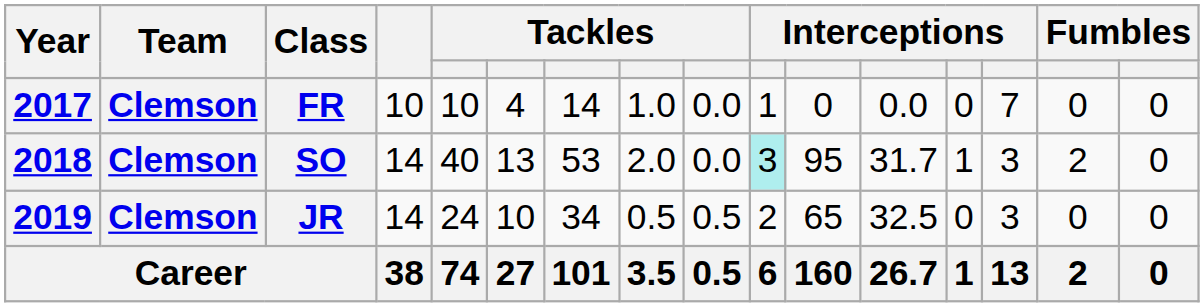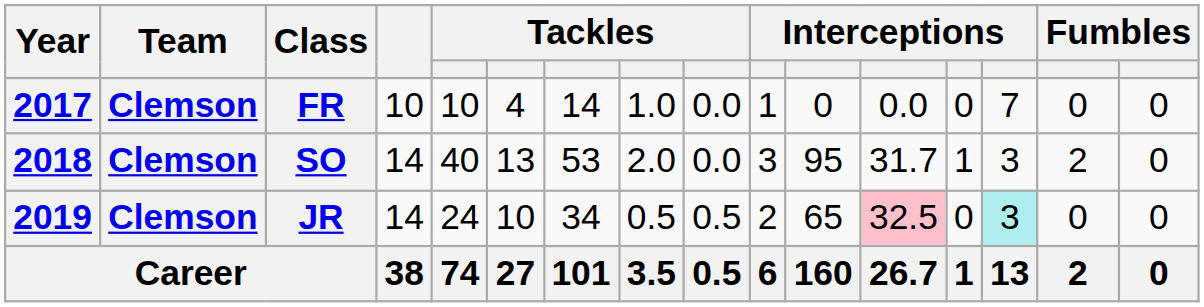 <table class="wikitable sortable" style="text-align:center;">
 <tr>
 <th rowspan="2">Year</th>
 <th rowspan="2">Team</th>
 <th rowspan="2">Class</th>
 <th rowspan="2"></th>
 <th colspan="5">Tackles</th>
 <th colspan="5">Interceptions</th>
 <th colspan="2">Fumbles</th>
 </tr>
 <tr>
 <th></th>
 <th></th>
 <th></th>
 <th></th>
 <th></th>
 <th></th>
 <th></th>
 <th></th>
 <th></th>
 <th></th>
 <th></th>
 <th></th>
 </tr>
 <tr>
 <th><a href='#'>2017</a></th>
 <th><a href='#'>Clemson</a></th>
 <th><a href='#'>FR</a></th>
 <td>10</td>
 <td>10</td>
 <td>4</td>
 <td>14</td>
 <td>1.0</td>
 <td>0.0</td>
 <td>1</td>
 <td>0</td>
 <td>0.0</td>
 <td>0</td>
 <td>7</td>
 <td>0</td>
 <td>0</td>
 </tr>
 <tr>
 <th><a href='#'>2018</a></th>
 <th><a href='#'>Clemson</a></th>
 <th><a href='#'>SO</a></th>
 <td>14</td>
 <td>40</td>
 <td>13</td>
 <td>53</td>
 <td>2.0</td>
 <td>0.0</td>
-<td style="background: paleturquoise;">3</td>
+<td>3</td>
 <td>95</td>
 <td>31.7</td>
 <td>1</td>
 <td>3</td>
 <td>2</td>
 <td>0</td>
 </tr>
 <tr>
 <th><a href='#'>2019</a></th>
 <th><a href='#'>Clemson</a></th>
 <th><a href='#'>JR</a></th>
 <td>14</td>
 <td>24</td>
 <td>10</td>
 <td>34</td>
 <td>0.5</td>
 <td>0.5</td>
 <td>2</td>
 <td>65</td>
-<td>32.5</td>
+<td style="background: pink;">32.5</td>
 <td>0</td>
-<td>3</td>
+<td style="background: paleturquoise;">3</td>
 <td>0</td>
 <td>0</td>
 </tr>
 <tr>
 <th colspan="3">Career</th>
 <th>38</th>
 <th>74</th>
 <th>27</th>
 <th>101</th>
 <th>3.5</th>
 <th>0.5</th>
 <th>6</th>
 <th>160</th>
 <th>26.7</th>
 <th>1</th>
 <th>13</th>
 <th>2</th>
 <th>0</th>
 </tr>
 </table>
